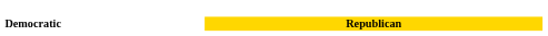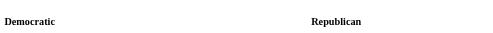 <table style="width:60em; text-align:center">
 <tr style="color:white">
 <td style="background:"><strong>188</strong></td>
 <td style="background:"><strong>247</strong></td>
 </tr>
 <tr>
 <td><span><strong>Democratic</strong></span></td>
-<td style="background: gold;"><span><strong>Republican</strong></span></td>
+<td><span><strong>Republican</strong></span></td>
 </tr>
 </table>
